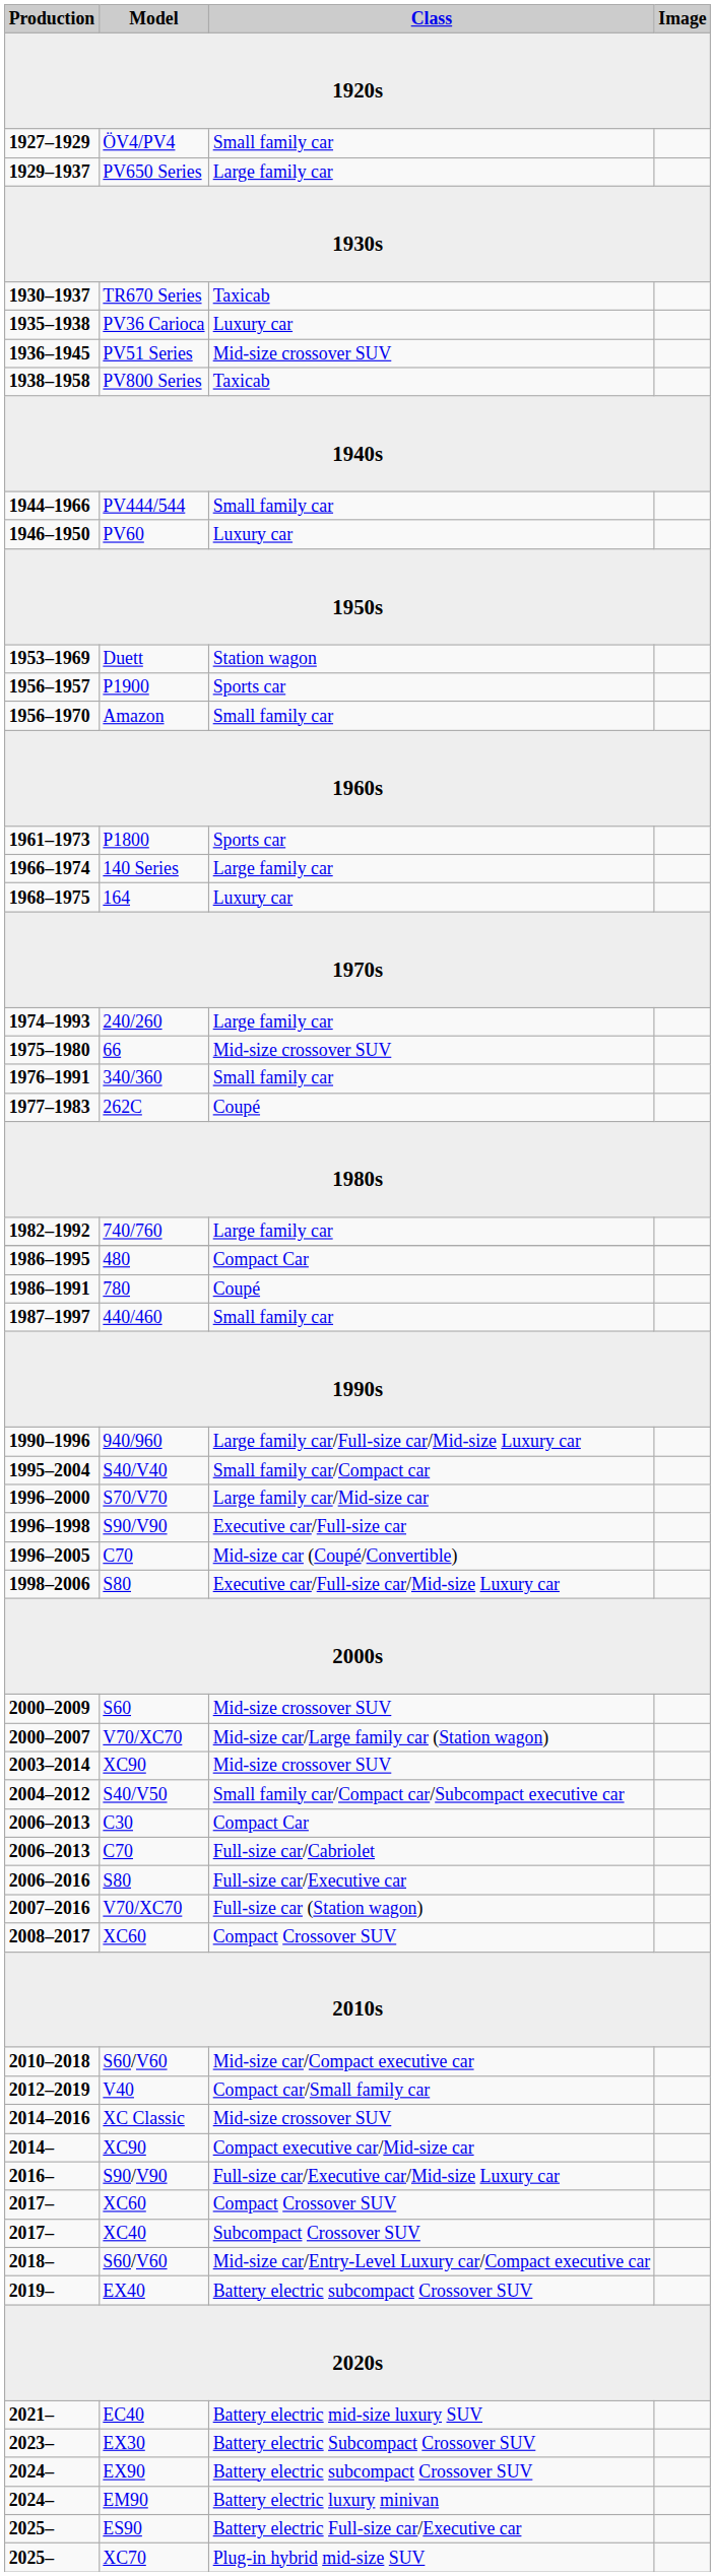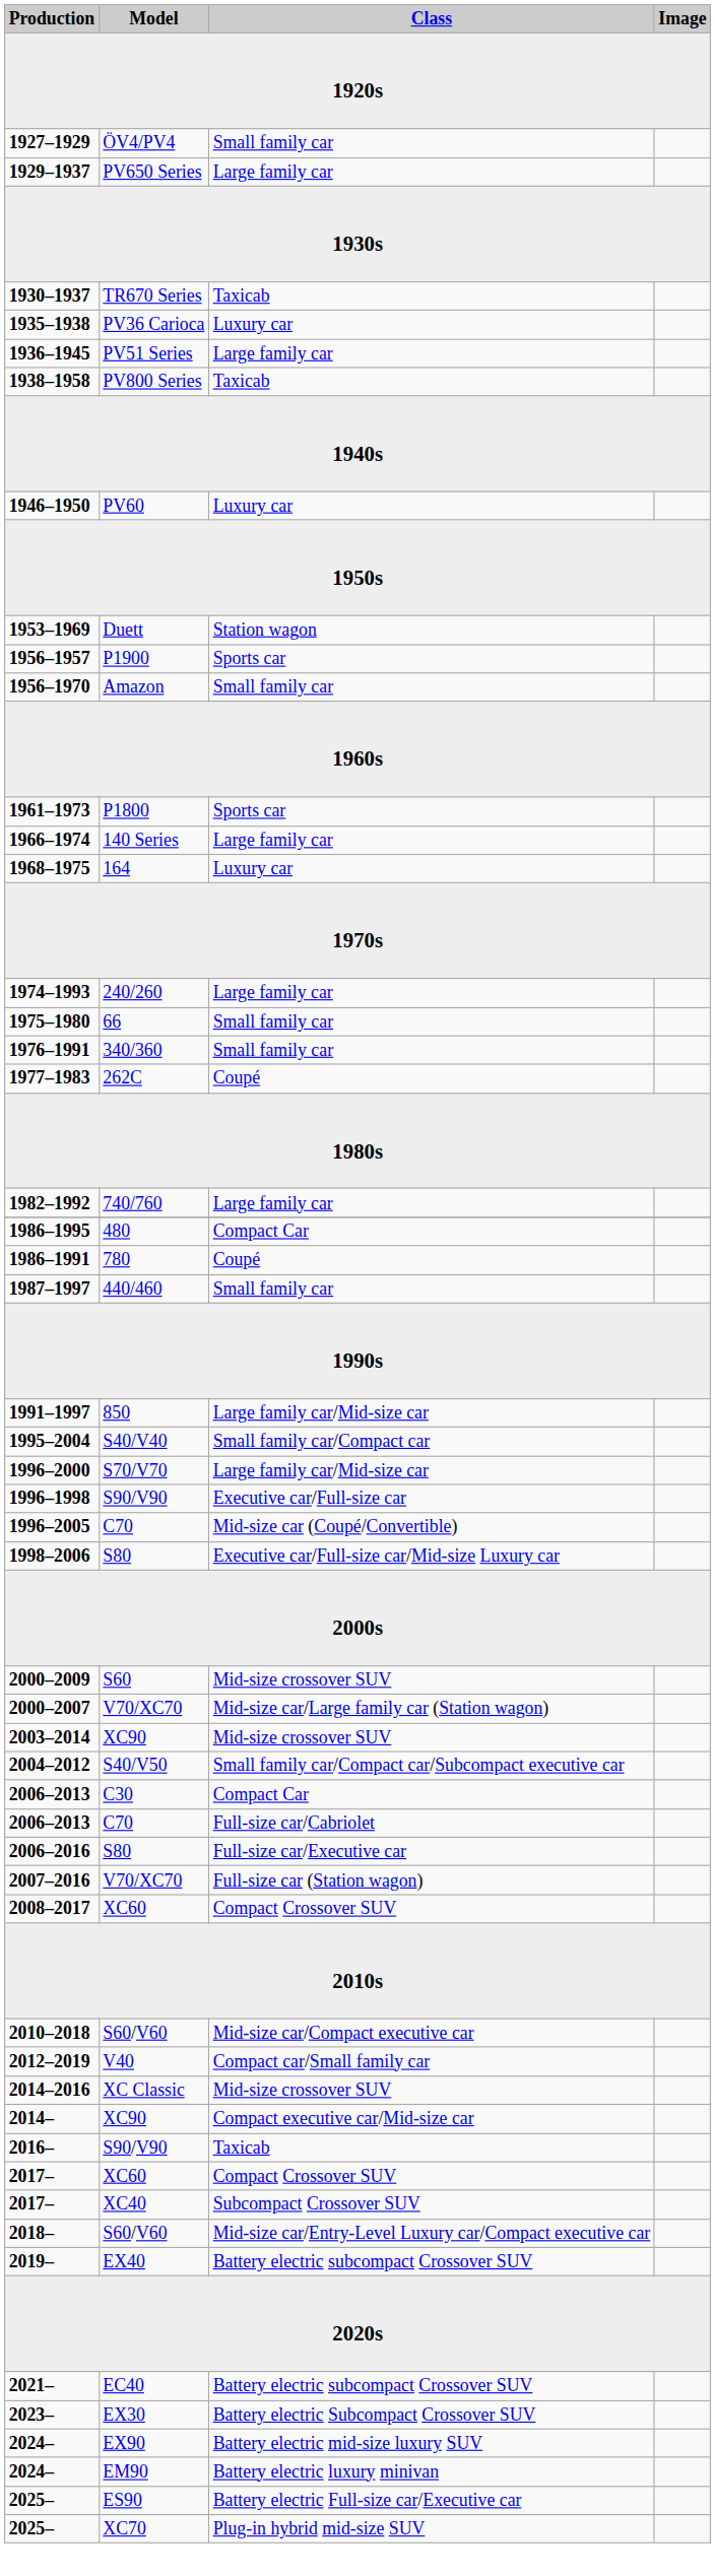 <table class="wikitable">
 <tr class="backgroundcolor5">
 <th style="background:#CCCCCC; text-align:center"><strong>Production</strong></th>
 <th style="background:#CCCCCC; text-align:center">Model</th>
 <th style="background:#CCCCCC; text-align:center"><a href='#'>Class</a></th>
 <th style="background:#CCCCCC; text-align:center">Image</th>
 </tr>
 <tr>
 <td style="background:#EEEEEE; text-align:center" colspan="4"><br><h3>1920s</h3></td>
 </tr>
 <tr>
 <td><strong>1927–1929</strong></td>
 <td><a href='#'>ÖV4/PV4</a></td>
 <td><a href='#'>Small family car</a></td>
 <td></td>
 </tr>
 <tr>
 <td><strong>1929–1937</strong></td>
 <td><a href='#'>PV650 Series</a></td>
 <td><a href='#'>Large family car</a></td>
 <td></td>
 </tr>
 <tr>
 <td style="background:#EEEEEE; text-align:center" colspan="4"><br><h3>1930s</h3></td>
 </tr>
 <tr>
 <td><strong>1930–1937</strong></td>
 <td><a href='#'>TR670 Series</a></td>
 <td><a href='#'>Taxicab</a></td>
 <td></td>
 </tr>
 <tr>
 <td><strong>1935–1938</strong></td>
 <td><a href='#'>PV36 Carioca</a></td>
 <td><a href='#'>Luxury car</a></td>
 <td></td>
 </tr>
 <tr>
 <td><strong>1936–1945</strong></td>
 <td><a href='#'>PV51 Series</a></td>
-<td><a href='#'>Mid-size crossover SUV</a></td>
+<td><a href='#'>Large family car</a></td>
 <td></td>
 </tr>
 <tr>
 <td><strong>1938–1958</strong></td>
 <td><a href='#'>PV800 Series</a></td>
 <td><a href='#'>Taxicab</a></td>
 <td></td>
 </tr>
 <tr>
 <td style="background:#EEEEEE; text-align:center" colspan="4"><br><h3>1940s</h3></td>
-</tr>
-<tr>
-<td><strong>1944–1966</strong></td>
-<td><a href='#'>PV444/544</a></td>
-<td><a href='#'>Small family car</a></td>
-<td></td>
 </tr>
 <tr>
 <td><strong>1946–1950</strong></td>
 <td><a href='#'>PV60</a></td>
 <td><a href='#'>Luxury car</a></td>
 <td></td>
 </tr>
 <tr>
 <td style="background:#EEEEEE; text-align:center" colspan="4"><br><h3>1950s</h3></td>
 </tr>
 <tr>
 <td><strong>1953–1969</strong></td>
 <td><a href='#'>Duett</a></td>
 <td><a href='#'>Station wagon</a></td>
 <td></td>
 </tr>
 <tr>
 <td><strong>1956–1957</strong></td>
 <td><a href='#'>P1900</a></td>
 <td><a href='#'>Sports car</a></td>
 <td></td>
 </tr>
 <tr>
 <td><strong>1956–1970</strong></td>
 <td><a href='#'>Amazon</a></td>
 <td><a href='#'>Small family car</a></td>
 <td></td>
 </tr>
 <tr>
 <td style="background:#EEEEEE; text-align:center" colspan="4"><br><h3>1960s</h3></td>
 </tr>
 <tr>
 <td><strong>1961–1973</strong></td>
 <td><a href='#'>P1800</a></td>
 <td><a href='#'>Sports car</a></td>
 <td></td>
 </tr>
 <tr>
 <td><strong>1966–1974</strong></td>
 <td><a href='#'>140 Series</a></td>
 <td><a href='#'>Large family car</a></td>
 <td></td>
 </tr>
 <tr>
 <td><strong>1968–1975</strong></td>
 <td><a href='#'>164</a></td>
 <td><a href='#'>Luxury car</a></td>
 <td></td>
 </tr>
 <tr>
 <td style="background:#EEEEEE; text-align:center" colspan="4"><br><h3>1970s</h3></td>
 </tr>
 <tr>
 <td><strong>1974–1993</strong></td>
 <td><a href='#'>240/260</a></td>
 <td><a href='#'>Large family car</a></td>
 <td></td>
 </tr>
 <tr>
 <td><strong>1975–1980</strong></td>
 <td><a href='#'>66</a></td>
-<td><a href='#'>Mid-size crossover SUV</a></td>
+<td><a href='#'>Small family car</a></td>
 <td></td>
 </tr>
 <tr>
 <td><strong>1976–1991</strong></td>
 <td><a href='#'>340/360</a></td>
 <td><a href='#'>Small family car</a></td>
 <td></td>
 </tr>
 <tr>
 <td><strong>1977–1983</strong></td>
 <td><a href='#'>262C</a></td>
 <td><a href='#'>Coupé</a></td>
 <td></td>
 </tr>
 <tr>
 <td style="background:#EEEEEE; text-align:center" colspan="4"><br><h3>1980s</h3></td>
 </tr>
 <tr>
 <td><strong>1982–1992</strong></td>
 <td><a href='#'>740/760</a></td>
 <td><a href='#'>Large family car</a></td>
 <td></td>
 </tr>
 <tr>
 </tr>
 <tr>
 </tr>
 <tr>
 </tr>
 <tr>
 </tr>
 <tr>
 <td><strong>1986–1995</strong></td>
 <td><a href='#'>480</a></td>
 <td><a href='#'>Compact Car</a></td>
 <td></td>
 </tr>
 <tr>
 <td><strong>1986–1991</strong></td>
 <td><a href='#'>780</a></td>
 <td><a href='#'>Coupé</a></td>
 <td></td>
 </tr>
 <tr>
 <td><strong>1987–1997</strong></td>
 <td><a href='#'>440/460</a></td>
 <td><a href='#'>Small family car</a></td>
 <td></td>
 </tr>
 <tr>
 <td style="background:#EEEEEE; text-align:center" colspan="4"><br><h3>1990s</h3></td>
 </tr>
 <tr>
-<td><strong>1990–1996</strong></td>
-<td><a href='#'>940/960</a></td>
-<td><a href='#'>Large family car</a>/<a href='#'>Full-size car</a>/<a href='#'>Mid-size</a> <a href='#'>Luxury car</a></td>
+<td><strong>1991–1997</strong></td>
+<td><a href='#'>850</a></td>
+<td><a href='#'>Large family car</a>/<a href='#'>Mid-size car</a></td>
 <td></td>
 </tr>
 <tr>
 <td><strong>1995–2004</strong></td>
 <td><a href='#'>S40/V40</a></td>
 <td><a href='#'>Small family car</a>/<a href='#'>Compact car</a></td>
 <td></td>
 </tr>
 <tr>
 <td><strong>1996–2000</strong></td>
 <td><a href='#'>S70/V70</a></td>
 <td><a href='#'>Large family car</a>/<a href='#'>Mid-size car</a></td>
 <td></td>
 </tr>
 <tr>
 <td><strong>1996–1998</strong></td>
 <td><a href='#'>S90/V90</a></td>
 <td><a href='#'>Executive car</a>/<a href='#'>Full-size car</a></td>
 <td></td>
 </tr>
 <tr>
 <td><strong>1996–2005</strong></td>
 <td><a href='#'>C70</a></td>
 <td><a href='#'>Mid-size car</a> (<a href='#'>Coupé</a>/<a href='#'>Convertible</a>)</td>
 <td></td>
 </tr>
 <tr>
 <td><strong>1998–2006</strong></td>
 <td><a href='#'>S80</a></td>
 <td><a href='#'>Executive car</a>/<a href='#'>Full-size car</a>/<a href='#'>Mid-size</a> <a href='#'>Luxury car</a></td>
 <td></td>
 </tr>
 <tr>
 <td style="background:#EEEEEE; text-align:center" colspan="4"><br><h3>2000s</h3></td>
 </tr>
 <tr>
 <td><strong>2000–2009</strong></td>
 <td><a href='#'>S60</a></td>
 <td><a href='#'>Mid-size crossover SUV</a></td>
 <td></td>
 </tr>
 <tr>
 <td><strong>2000–2007</strong></td>
 <td><a href='#'>V70/XC70</a></td>
 <td><a href='#'>Mid-size car</a>/<a href='#'>Large family car</a> (<a href='#'>Station wagon</a>)</td>
 <td></td>
 </tr>
 <tr>
 <td><strong>2003–2014 </strong></td>
 <td><a href='#'>XC90</a></td>
 <td><a href='#'>Mid-size crossover SUV</a></td>
 <td></td>
 </tr>
 <tr>
 <td><strong>2004–2012</strong></td>
 <td><a href='#'>S40/V50</a></td>
 <td><a href='#'>Small family car</a>/<a href='#'>Compact car</a>/<a href='#'>Subcompact executive car</a></td>
 <td></td>
 </tr>
 <tr>
 <td><strong>2006–2013</strong></td>
 <td><a href='#'>C30</a></td>
 <td><a href='#'>Compact Car</a></td>
 <td></td>
 </tr>
 <tr>
 <td><strong>2006–2013</strong></td>
 <td><a href='#'>C70</a></td>
 <td><a href='#'>Full-size car</a>/<a href='#'>Cabriolet</a></td>
 <td></td>
 </tr>
 <tr>
 <td><strong>2006–2016</strong></td>
 <td><a href='#'>S80</a></td>
 <td><a href='#'>Full-size car</a>/<a href='#'>Executive car</a></td>
 <td></td>
 </tr>
 <tr>
 <td><strong>2007–2016</strong></td>
 <td><a href='#'>V70/XC70</a></td>
 <td><a href='#'>Full-size car</a> (<a href='#'>Station wagon</a>)</td>
 <td></td>
 </tr>
 <tr>
 <td><strong>2008–2017</strong></td>
 <td><a href='#'>XC60</a></td>
 <td><a href='#'>Compact</a> <a href='#'>Crossover SUV</a></td>
 <td></td>
 </tr>
 <tr>
 <td style="background:#EEEEEE; text-align:center" colspan="4"><br><h3>2010s</h3></td>
 </tr>
 <tr>
 <td><strong>2010–2018</strong></td>
 <td><a href='#'>S60</a>/<a href='#'>V60</a></td>
 <td><a href='#'>Mid-size car</a>/<a href='#'>Compact executive car</a></td>
 <td></td>
 </tr>
 <tr>
 <td><strong>2012–2019</strong></td>
 <td><a href='#'>V40</a></td>
 <td><a href='#'>Compact car</a>/<a href='#'>Small family car</a></td>
 <td></td>
 </tr>
 <tr>
 <td><strong>2014–2016</strong></td>
 <td><a href='#'>XC Classic</a></td>
 <td><a href='#'>Mid-size crossover SUV</a></td>
 <td></td>
 </tr>
 <tr>
 <td><strong>2014– </strong></td>
 <td><a href='#'>XC90</a></td>
 <td><a href='#'>Compact executive car</a>/<a href='#'>Mid-size car</a></td>
 <td></td>
 </tr>
 <tr>
 <td><strong>2016– </strong></td>
 <td><a href='#'>S90</a>/<a href='#'>V90</a></td>
-<td><a href='#'>Full-size car</a>/<a href='#'>Executive car</a>/<a href='#'>Mid-size</a> <a href='#'>Luxury car</a></td>
+<td><a href='#'>Taxicab</a></td>
 <td></td>
 </tr>
 <tr>
 <td><strong>2017– </strong></td>
 <td><a href='#'>XC60</a></td>
 <td><a href='#'>Compact</a> <a href='#'>Crossover SUV</a></td>
 <td></td>
 </tr>
 <tr>
 <td><strong>2017– </strong></td>
 <td><a href='#'>XC40</a></td>
 <td><a href='#'>Subcompact</a> <a href='#'>Crossover SUV</a></td>
 <td></td>
 </tr>
 <tr>
 <td><strong>2018– </strong></td>
 <td><a href='#'>S60</a>/<a href='#'>V60</a></td>
 <td><a href='#'>Mid-size car</a>/<a href='#'>Entry-Level Luxury car</a>/<a href='#'>Compact executive car</a></td>
 <td></td>
 </tr>
 <tr>
 <td><strong>2019–</strong></td>
 <td><a href='#'>EX40</a></td>
 <td><a href='#'>Battery electric</a> <a href='#'>subcompact</a> <a href='#'>Crossover SUV</a></td>
 <td></td>
 </tr>
 <tr>
 <td style="background:#EEEEEE; text-align:center" colspan="4"><br><h3>2020s</h3></td>
 </tr>
 <tr>
 <td><strong>2021–</strong></td>
 <td><a href='#'>EC40</a></td>
-<td><a href='#'>Battery electric</a> <a href='#'>mid-size luxury</a> <a href='#'>SUV</a></td>
+<td><a href='#'>Battery electric</a> <a href='#'>subcompact</a> <a href='#'>Crossover SUV</a></td>
 <td></td>
 </tr>
 <tr>
 <td><strong>2023–</strong></td>
 <td><a href='#'>EX30</a></td>
 <td><a href='#'>Battery electric</a> <a href='#'>Subcompact</a> <a href='#'>Crossover SUV</a></td>
 <td></td>
 </tr>
 <tr>
 <td><strong>2024–</strong></td>
 <td><a href='#'>EX90</a></td>
-<td><a href='#'>Battery electric</a> <a href='#'>subcompact</a> <a href='#'>Crossover SUV</a></td>
+<td><a href='#'>Battery electric</a> <a href='#'>mid-size luxury</a> <a href='#'>SUV</a></td>
 <td></td>
 </tr>
 <tr>
 <td><strong>2024–</strong></td>
 <td><a href='#'>EM90</a></td>
 <td><a href='#'>Battery electric</a> <a href='#'>luxury</a> <a href='#'>minivan</a></td>
 <td></td>
 </tr>
 <tr>
 <td><strong>2025– </strong></td>
 <td><a href='#'>ES90</a></td>
 <td><a href='#'>Battery electric</a> <a href='#'>Full-size car</a>/<a href='#'>Executive car</a></td>
 <td></td>
 </tr>
 <tr>
 <td><strong>2025–</strong></td>
 <td><a href='#'>XC70</a></td>
 <td><a href='#'>Plug-in hybrid</a> <a href='#'>mid-size</a> <a href='#'>SUV</a></td>
 <td></td>
 </tr>
 </table>
